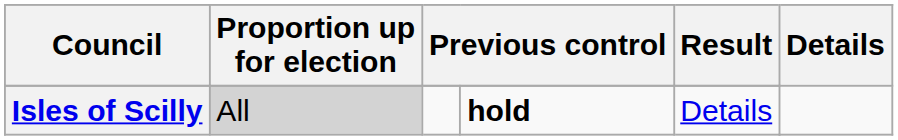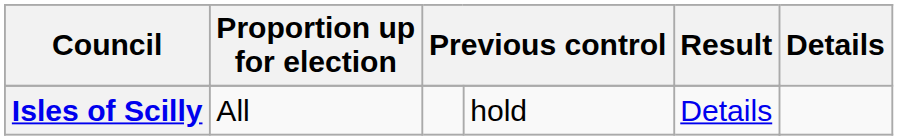 <table class="wikitable" border="1">
 <tr>
 <th scope="col">Council</th>
 <th scope="col">Proportion up<br>for election</th>
 <th colspan=2>Previous control</th>
 <th colspan=2>Result</th>
 <th scope="col">Details</th>
 </tr>
 <tr>
 </tr>
 <tr>
 <th scope="row" style="text-align: left;"><a href='#'>Isles of Scilly</a></th>
-<td style="background: lightgrey;">All</td>
+<td>All</td>
 <td></td>
-<td><strong> hold</strong></td>
+<td> hold</td>
 <td><a href='#'>Details</a></td>
 </tr>
 </table>
